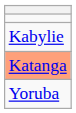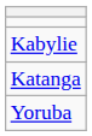 <table class="wikitable sortable plainrowheaders" style="font-size:90%; display:inline-table; margin-right:1em;">
 <tr>
 <th scope="col"></th>
 </tr>
 <tr>
 <td></td>
 </tr>
 <tr>
 <td> <a href='#'>Kabylie</a></td>
 </tr>
 <tr>
-<td style="background: lightsalmon;"> <a href='#'>Katanga</a></td>
+<td> <a href='#'>Katanga</a></td>
 </tr>
 <tr>
 <td> <a href='#'>Yoruba</a></td>
 </tr>
 </table>
